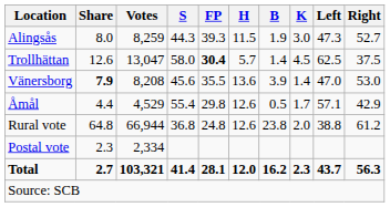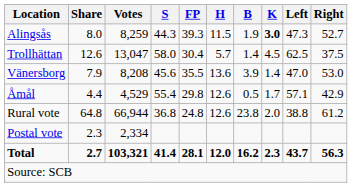 <table class="wikitable sortable" style=text-align:right>
 <tr>
 <th>Location</th>
 <th>Share</th>
 <th>Votes</th>
 <th><a href='#'>S</a></th>
 <th><a href='#'>FP</a></th>
 <th><a href='#'>H</a></th>
 <th><a href='#'>B</a></th>
 <th><a href='#'>K</a></th>
 <th>Left</th>
 <th>Right</th>
 </tr>
 <tr>
 <td align=left><a href='#'>Alingsås</a></td>
 <td>8.0</td>
 <td>8,259</td>
 <td>44.3</td>
 <td>39.3</td>
 <td>11.5</td>
 <td>1.9</td>
-<td>3.0</td>
+<td><strong>3.0</strong></td>
 <td>47.3</td>
 <td>52.7</td>
 </tr>
 <tr>
 <td align=left><a href='#'>Trollhättan</a></td>
 <td>12.6</td>
 <td>13,047</td>
 <td>58.0</td>
-<td><strong>30.4</strong></td>
+<td>30.4</td>
 <td>5.7</td>
 <td>1.4</td>
 <td>4.5</td>
 <td>62.5</td>
 <td>37.5</td>
 </tr>
 <tr>
 <td align=left><a href='#'>Vänersborg</a></td>
-<td><strong>7.9</strong></td>
+<td>7.9</td>
 <td>8,208</td>
 <td>45.6</td>
 <td>35.5</td>
 <td>13.6</td>
 <td>3.9</td>
 <td>1.4</td>
 <td>47.0</td>
 <td>53.0</td>
 </tr>
 <tr>
 <td align=left><a href='#'>Åmål</a></td>
 <td>4.4</td>
 <td>4,529</td>
 <td>55.4</td>
 <td>29.8</td>
 <td>12.6</td>
 <td>0.5</td>
 <td>1.7</td>
 <td>57.1</td>
 <td>42.9</td>
 </tr>
 <tr>
 <td align=left>Rural vote</td>
 <td>64.8</td>
 <td>66,944</td>
 <td>36.8</td>
 <td>24.8</td>
 <td>12.6</td>
 <td>23.8</td>
 <td>2.0</td>
 <td>38.8</td>
 <td>61.2</td>
 </tr>
 <tr>
 <td align=left><a href='#'>Postal vote</a></td>
 <td>2.3</td>
 <td>2,334</td>
 <td></td>
 <td></td>
 <td></td>
 <td></td>
 <td></td>
 <td></td>
 <td></td>
 </tr>
 <tr>
 <td align=left><strong>Total</strong></td>
 <td><strong>2.7</strong></td>
 <td><strong>103,321</strong></td>
 <td><strong>41.4</strong></td>
 <td><strong>28.1</strong></td>
 <td><strong>12.0</strong></td>
 <td><strong>16.2</strong></td>
 <td><strong>2.3</strong></td>
 <td><strong>43.7</strong></td>
 <td><strong>56.3</strong></td>
 </tr>
 <tr>
 <td align=left colspan=10>Source: SCB </td>
 </tr>
 </table>
